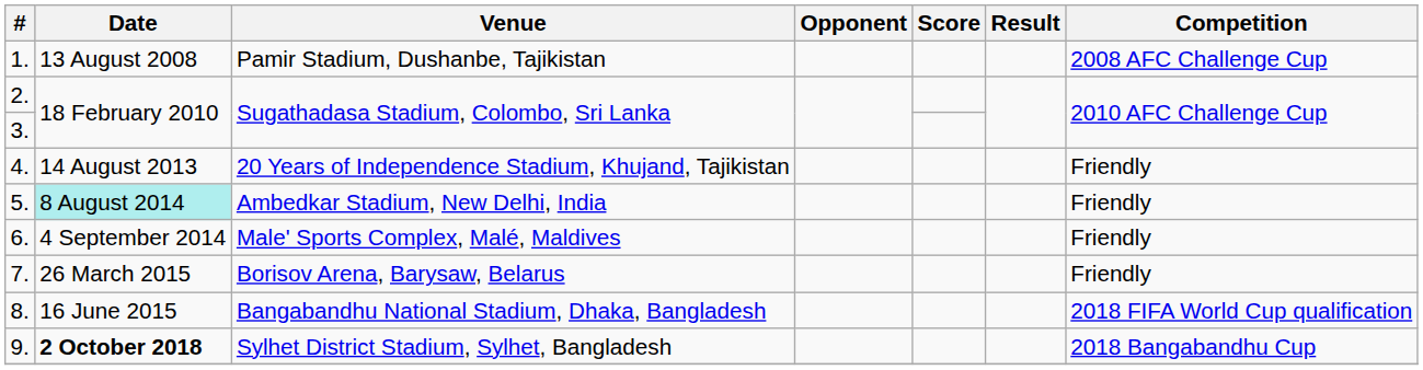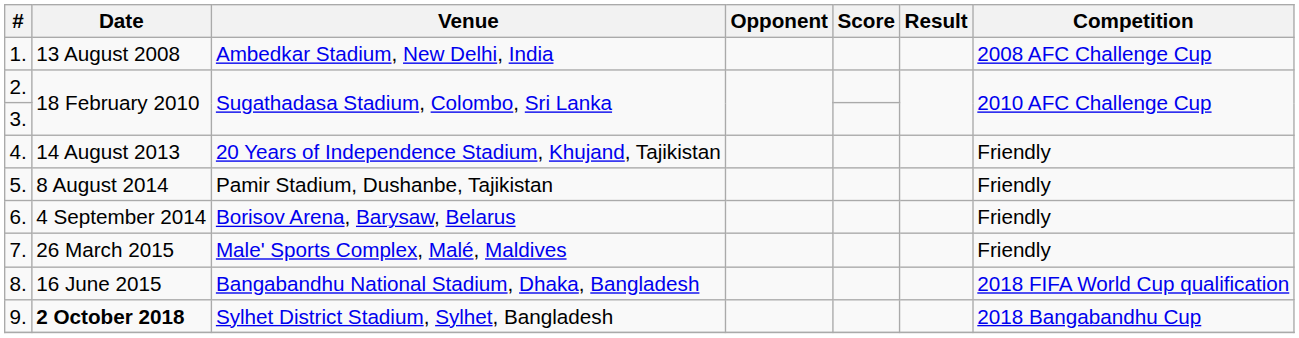 <table class="wikitable" style="font-size:95%;">
 <tr>
 <th>#</th>
 <th>Date</th>
 <th>Venue</th>
 <th>Opponent</th>
 <th>Score</th>
 <th>Result</th>
 <th>Competition</th>
 </tr>
 <tr>
 <td>1.</td>
 <td>13 August 2008</td>
-<td>Pamir Stadium, Dushanbe, Tajikistan</td>
+<td><a href='#'>Ambedkar Stadium</a>, <a href='#'>New Delhi</a>, <a href='#'>India</a></td>
 <td></td>
 <td></td>
 <td></td>
 <td><a href='#'>2008 AFC Challenge Cup</a></td>
 </tr>
 <tr>
 <td>2.</td>
 <td rowspan="2">18 February 2010</td>
 <td rowspan="2"><a href='#'>Sugathadasa Stadium</a>, <a href='#'>Colombo</a>, <a href='#'>Sri Lanka</a></td>
 <td rowspan="2"></td>
 <td></td>
 <td rowspan="2"></td>
 <td rowspan="2"><a href='#'>2010 AFC Challenge Cup</a></td>
 </tr>
 <tr>
 <td>3.</td>
 <td></td>
 </tr>
 <tr>
 <td>4.</td>
 <td>14 August 2013</td>
 <td><a href='#'>20 Years of Independence Stadium</a>, <a href='#'>Khujand</a>, Tajikistan</td>
 <td></td>
 <td></td>
 <td></td>
 <td>Friendly</td>
 </tr>
 <tr>
 <td>5.</td>
-<td style="background: paleturquoise;">8 August 2014</td>
-<td><a href='#'>Ambedkar Stadium</a>, <a href='#'>New Delhi</a>, <a href='#'>India</a></td>
+<td>8 August 2014</td>
+<td>Pamir Stadium, Dushanbe, Tajikistan</td>
 <td></td>
 <td></td>
 <td></td>
 <td>Friendly</td>
 </tr>
 <tr>
 <td>6.</td>
 <td>4 September 2014</td>
-<td><a href='#'>Male' Sports Complex</a>, <a href='#'>Malé</a>, <a href='#'>Maldives</a></td>
+<td><a href='#'>Borisov Arena</a>, <a href='#'>Barysaw</a>, <a href='#'>Belarus</a></td>
 <td></td>
 <td></td>
 <td></td>
 <td>Friendly</td>
 </tr>
 <tr>
 <td>7.</td>
 <td>26 March 2015</td>
-<td><a href='#'>Borisov Arena</a>, <a href='#'>Barysaw</a>, <a href='#'>Belarus</a></td>
+<td><a href='#'>Male' Sports Complex</a>, <a href='#'>Malé</a>, <a href='#'>Maldives</a></td>
 <td></td>
 <td></td>
 <td></td>
 <td>Friendly</td>
 </tr>
 <tr>
 <td>8.</td>
 <td>16 June 2015</td>
 <td><a href='#'>Bangabandhu National Stadium</a>, <a href='#'>Dhaka</a>, <a href='#'>Bangladesh</a></td>
 <td></td>
 <td></td>
 <td></td>
 <td><a href='#'>2018 FIFA World Cup qualification</a></td>
 </tr>
 <tr>
 <td>9.</td>
 <td><strong>2 October 2018</strong></td>
 <td><a href='#'>Sylhet District Stadium</a>, <a href='#'>Sylhet</a>, Bangladesh</td>
 <td></td>
 <td></td>
 <td></td>
 <td><a href='#'>2018 Bangabandhu Cup</a></td>
 </tr>
 <tr>
 </tr>
 </table>
